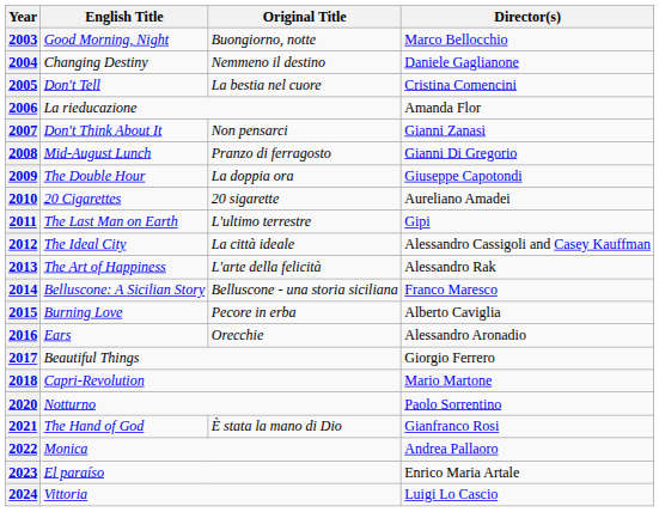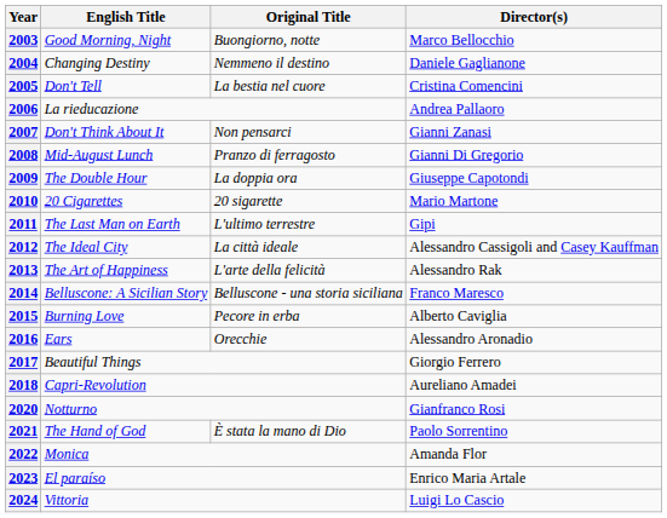 <table class="wikitable unsortable">
 <tr>
 <th scope="col">Year</th>
 <th scope="col">English Title</th>
 <th scope="col">Original Title</th>
 <th>Director(s)</th>
 </tr>
 <tr>
 <th scope="row"><a href='#'>2003</a></th>
 <td><em><a href='#'>Good Morning, Night</a></em></td>
 <td><em>Buongiorno, notte</em></td>
 <td><a href='#'>Marco Bellocchio</a></td>
 </tr>
 <tr>
 <th><a href='#'>2004</a></th>
 <td><em>Changing Destiny</em></td>
 <td><em>Nemmeno il destino</em></td>
 <td><a href='#'>Daniele Gaglianone</a></td>
 </tr>
 <tr>
 <th><a href='#'>2005</a></th>
 <td><em><a href='#'>Don't Tell</a></em></td>
 <td><em>La bestia nel cuore</em></td>
 <td><a href='#'>Cristina Comencini</a></td>
 </tr>
 <tr>
 <th><a href='#'>2006</a></th>
 <td colspan="2"><em>La rieducazione</em></td>
-<td>Amanda Flor</td>
+<td><a href='#'>Andrea Pallaoro</a></td>
 </tr>
 <tr>
 <th><a href='#'>2007</a></th>
 <td><em><a href='#'>Don't Think About It</a></em></td>
 <td><em>Non pensarci</em></td>
 <td><a href='#'>Gianni Zanasi</a></td>
 </tr>
 <tr>
 <th><a href='#'>2008</a></th>
 <td><em><a href='#'>Mid-August Lunch</a></em></td>
 <td><em>Pranzo di ferragosto</em></td>
 <td><a href='#'>Gianni Di Gregorio</a></td>
 </tr>
 <tr>
 <th><a href='#'>2009</a></th>
 <td><em><a href='#'>The Double Hour</a></em></td>
 <td><em>La doppia ora</em></td>
 <td><a href='#'>Giuseppe Capotondi</a></td>
 </tr>
 <tr>
 <th><a href='#'>2010</a></th>
 <td><em><a href='#'>20 Cigarettes</a></em></td>
 <td><em>20 sigarette</em></td>
-<td>Aureliano Amadei</td>
+<td><a href='#'>Mario Martone</a></td>
 </tr>
 <tr>
 <th><a href='#'>2011</a></th>
 <td><em><a href='#'>The Last Man on Earth</a></em></td>
 <td><em>L'ultimo terrestre</em></td>
 <td><a href='#'>Gipi</a></td>
 </tr>
 <tr>
 <th><a href='#'>2012</a></th>
 <td><em><a href='#'>The Ideal City</a></em></td>
 <td><em>La città ideale</em></td>
 <td>Alessandro Cassigoli and <a href='#'>Casey Kauffman</a></td>
 </tr>
 <tr>
 <th><a href='#'>2013</a></th>
 <td><em><a href='#'>The Art of Happiness</a></em></td>
 <td><em>L'arte della felicità</em></td>
 <td>Alessandro Rak</td>
 </tr>
 <tr>
 <th><a href='#'>2014</a></th>
 <td><em><a href='#'>Belluscone: A Sicilian Story</a></em></td>
 <td><em>Belluscone - una storia siciliana</em></td>
 <td><a href='#'>Franco Maresco</a></td>
 </tr>
 <tr>
 <th><a href='#'>2015</a></th>
 <td><em><a href='#'>Burning Love</a></em></td>
 <td><em>Pecore in erba</em></td>
 <td>Alberto Caviglia</td>
 </tr>
 <tr>
 <th><a href='#'>2016</a></th>
 <td><em><a href='#'>Ears</a></em></td>
 <td><em>Orecchie</em></td>
 <td>Alessandro Aronadio</td>
 </tr>
 <tr>
 <th><a href='#'>2017</a></th>
 <td colspan="2"><em>Beautiful Things</em></td>
 <td>Giorgio Ferrero</td>
 </tr>
 <tr>
 <th><a href='#'>2018</a></th>
 <td colspan="2"><em><a href='#'>Capri-Revolution</a></em></td>
-<td><a href='#'>Mario Martone</a></td>
+<td>Aureliano Amadei</td>
 </tr>
 <tr>
 <th><a href='#'>2020</a></th>
 <td colspan="2"><em><a href='#'>Notturno</a></em></td>
-<td><a href='#'>Paolo Sorrentino</a></td>
+<td><a href='#'>Gianfranco Rosi</a></td>
 </tr>
 <tr>
 <th><a href='#'>2021</a></th>
 <td><em><a href='#'>The Hand of God</a></em></td>
 <td><em>È stata la mano di Dio</em></td>
-<td><a href='#'>Gianfranco Rosi</a></td>
+<td><a href='#'>Paolo Sorrentino</a></td>
 </tr>
 <tr>
 <th><a href='#'>2022</a></th>
 <td colspan="2"><a href='#'><em>Monica</em></a></td>
-<td><a href='#'>Andrea Pallaoro</a></td>
+<td>Amanda Flor</td>
 </tr>
 <tr>
 <th><a href='#'>2023</a></th>
 <td colspan="2"><a href='#'><em>El paraíso</em></a></td>
 <td>Enrico Maria Artale</td>
 </tr>
 <tr>
 <th><a href='#'>2024</a></th>
 <td colspan="2"><em><a href='#'>Vittoria</a></em></td>
 <td><a href='#'>Luigi Lo Cascio</a></td>
 </tr>
 </table>
